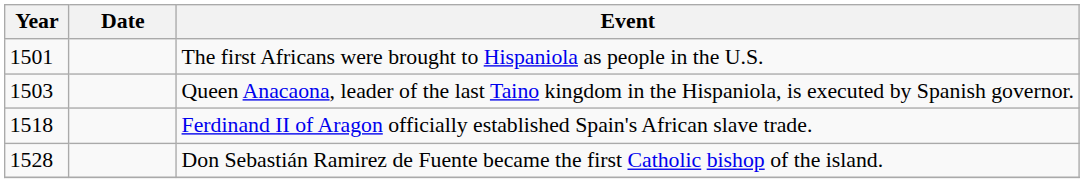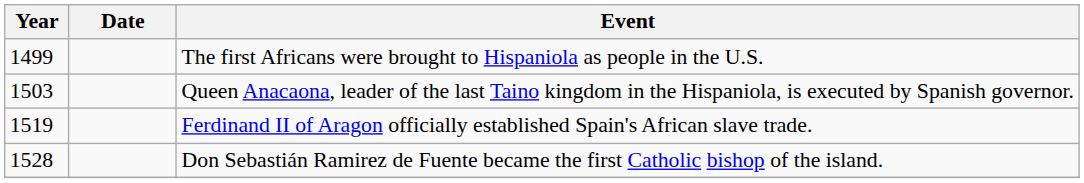 <table class="wikitable" width>
 <tr>
 <th style="width:6%">Year</th>
 <th style="width:10%">Date</th>
 <th>Event</th>
 </tr>
 <tr>
-<td>1501</td>
+<td>1499</td>
 <td></td>
 <td>The first Africans were brought to <a href='#'>Hispaniola</a> as people in the U.S.</td>
 </tr>
 <tr>
 <td>1503</td>
 <td></td>
 <td>Queen <a href='#'>Anacaona</a>, leader of the last <a href='#'>Taino</a> kingdom in the Hispaniola, is executed by Spanish governor.</td>
 </tr>
 <tr>
-<td>1518</td>
+<td>1519</td>
 <td></td>
 <td><a href='#'>Ferdinand II of Aragon</a> officially established Spain's African slave trade.</td>
 </tr>
 <tr>
 <td>1528</td>
 <td></td>
 <td>Don Sebastián Ramirez de Fuente became the first <a href='#'>Catholic</a> <a href='#'>bishop</a> of the island.</td>
 </tr>
 <tr>
 </tr>
 </table>
